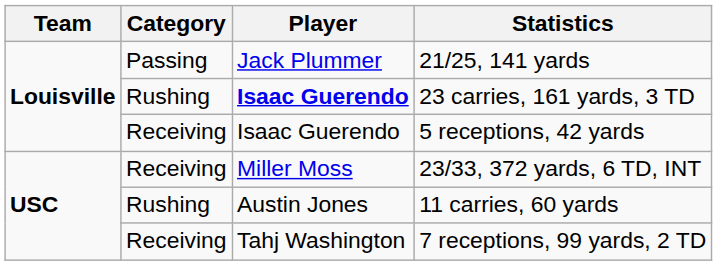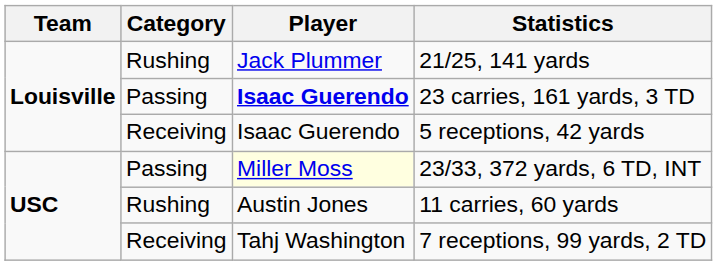 <table class="wikitable" style="float: right;">
 <tr>
 <th>Team</th>
 <th>Category</th>
 <th>Player</th>
 <th>Statistics</th>
 </tr>
 <tr>
 <td rowspan=3><strong>Louisville</strong></td>
-<td>Passing</td>
+<td>Rushing</td>
 <td><a href='#'>Jack Plummer</a></td>
 <td>21/25, 141 yards</td>
 </tr>
 <tr>
-<td>Rushing</td>
+<td>Passing</td>
 <td><strong><a href='#'>Isaac Guerendo</a></strong></td>
 <td>23 carries, 161 yards, 3 TD</td>
 </tr>
 <tr>
 <td>Receiving</td>
 <td>Isaac Guerendo</td>
 <td>5 receptions, 42 yards</td>
 </tr>
 <tr>
 <td rowspan=3><strong>USC</strong></td>
-<td>Receiving</td>
-<td><a href='#'>Miller Moss</a></td>
+<td>Passing</td>
+<td style="background: lightyellow;"><a href='#'>Miller Moss</a></td>
 <td>23/33, 372 yards, 6 TD, INT</td>
 </tr>
 <tr>
 <td>Rushing</td>
 <td>Austin Jones</td>
 <td>11 carries, 60 yards</td>
 </tr>
 <tr>
 <td>Receiving</td>
 <td>Tahj Washington</td>
 <td>7 receptions, 99 yards, 2 TD</td>
 </tr>
 </table>
